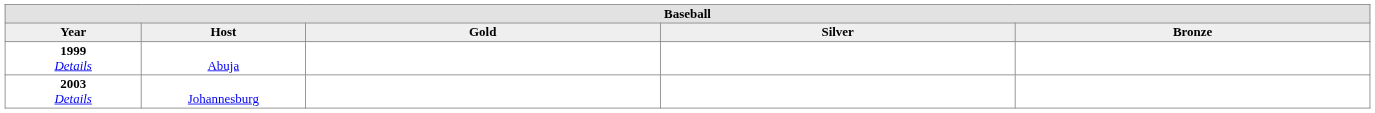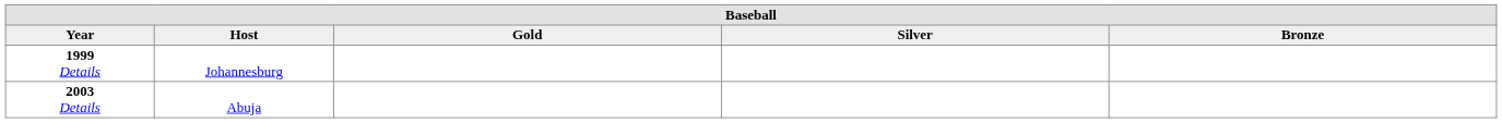 <table class="toccolours" border="1" cellpadding="2" style="border-collapse: collapse; text-align: center; width: 85%; margin: 0 auto;">
 <tr style= "background: #e2e2e2;">
 <th colspan=6 width=100%>Baseball</th>
 </tr>
 <tr style="background: #efefef;">
 <th width=10%>Year</th>
 <th width=12%>Host</th>
 <th width=26%> Gold</th>
 <th width=26%> Silver</th>
 <th width=26%> Bronze</th>
 </tr>
 <tr>
 <td><strong>1999</strong><br><em><a href='#'>Details</a></em></td>
-<td><br><a href='#'>Abuja</a></td>
+<td><br><a href='#'>Johannesburg</a></td>
 <td align=center><strong></strong></td>
 <td align=center></td>
 <td align=center></td>
 </tr>
 <tr>
 <td><strong>2003</strong><br><em><a href='#'>Details</a></em></td>
-<td><br><a href='#'>Johannesburg</a></td>
+<td><br><a href='#'>Abuja</a></td>
 <td align=center><strong></strong></td>
 <td align=center></td>
 <td align=center></td>
 </tr>
 </table>
